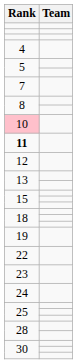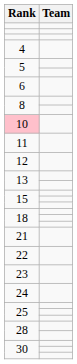 <table class="wikitable" style="text-align: center;">
 <tr>
 <th width=40>Rank</th>
 <th>Team</th>
 </tr>
 <tr>
 <td></td>
 <td align=left></td>
 </tr>
 <tr>
 <td></td>
 <td align=left></td>
 </tr>
 <tr>
 <td></td>
 <td align=left></td>
 </tr>
 <tr>
 <td>4</td>
 <td align=left></td>
 </tr>
 <tr>
 <td rowspan=2>5</td>
 <td align=left></td>
 </tr>
 <tr>
 <td align=left></td>
 </tr>
 <tr>
-<td>7</td>
+<td>6</td>
 <td align=left></td>
 </tr>
 <tr>
 <td rowspan=2>8</td>
 <td align=left></td>
 </tr>
 <tr>
 <td align=left></td>
 </tr>
 <tr>
 <td style="background: pink;">10</td>
 <td align=left></td>
 </tr>
 <tr>
-<td><strong>11</strong></td>
+<td>11</td>
 <td align=left></td>
 </tr>
 <tr>
 <td>12</td>
 <td align=left></td>
 </tr>
 <tr>
 <td rowspan=2>13</td>
 <td align=left></td>
 </tr>
 <tr>
 <td align=left></td>
 </tr>
 <tr>
 <td rowspan=3>15</td>
 <td align=left></td>
 </tr>
 <tr>
 <td align=left></td>
 </tr>
 <tr>
 <td align=left></td>
 </tr>
 <tr>
 <td rowspan=3>18</td>
 <td align=left></td>
 </tr>
 <tr>
 <td align=left></td>
 </tr>
 <tr>
 <td align=left></td>
 </tr>
 <tr>
-<td>19</td>
+<td>21</td>
 <td align=left></td>
 </tr>
 <tr>
 <td>22</td>
 <td align=left></td>
 </tr>
 <tr>
 <td>23</td>
 <td align=left></td>
 </tr>
 <tr>
 <td>24</td>
 <td align=left></td>
 </tr>
 <tr>
 <td rowspan=3>25</td>
 <td align=left></td>
 </tr>
 <tr>
 <td align=left></td>
 </tr>
 <tr>
 <td align=left></td>
 </tr>
 <tr>
 <td rowspan=2>28</td>
 <td align=left></td>
 </tr>
 <tr>
 <td align=left></td>
 </tr>
 <tr>
 <td rowspan=3>30</td>
 <td align=left></td>
 </tr>
 <tr>
 <td align=left></td>
 </tr>
 <tr>
 <td align=left></td>
 </tr>
 </table>
